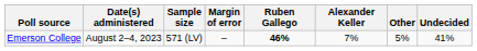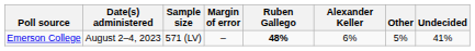 <table class="wikitable" style="font-size:90%;text-align:center;">
 <tr style="vertical-align:bottom">
 <th>Poll source</th>
 <th>Date(s)<br>administered</th>
 <th>Sample<br>size</th>
 <th>Margin<br>of error</th>
 <th style="width:100px;">Ruben<br>Gallego</th>
 <th style="width:100px;">Alexander<br>Keller</th>
 <th>Other</th>
 <th>Undecided</th>
 </tr>
 <tr>
 <td style="text-align:left"><a href='#'>Emerson College</a></td>
 <td>August 2–4, 2023</td>
 <td>571 (LV)</td>
 <td>–</td>
-<td><strong>46%</strong></td>
-<td>7%</td>
+<td><strong>48%</strong></td>
+<td>6%</td>
 <td>5%</td>
 <td>41%</td>
 </tr>
 </table>
